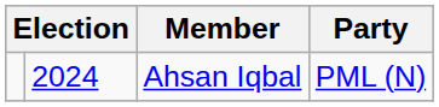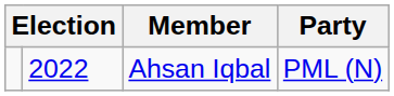 <table class="wikitable">
 <tr>
 <th colspan="2">Election</th>
 <th>Member</th>
 <th>Party</th>
 </tr>
 <tr>
 <td style="background-color: "></td>
-<td><a href='#'>2024</a></td>
+<td><a href='#'>2022</a></td>
 <td><a href='#'>Ahsan Iqbal</a></td>
 <td><a href='#'>PML (N)</a></td>
 </tr>
 </table>
